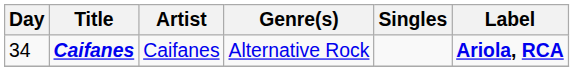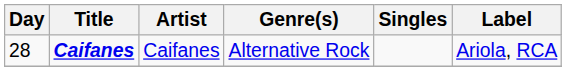 <table class="wikitable sortable" style="text-align: left;">
 <tr>
 <th>Day</th>
 <th>Title</th>
 <th>Artist</th>
 <th>Genre(s)</th>
 <th>Singles</th>
 <th>Label</th>
 </tr>
 <tr>
-<td>34</td>
+<td>28</td>
 <td><strong><em><a href='#'>Caifanes</a></em></strong></td>
 <td><a href='#'>Caifanes</a></td>
 <td><a href='#'>Alternative Rock</a></td>
 <td></td>
-<td><strong><a href='#'>Ariola</a>, <a href='#'>RCA</a></strong></td>
+<td><a href='#'>Ariola</a>, <a href='#'>RCA</a></td>
 </tr>
 <tr>
 </tr>
 </table>
